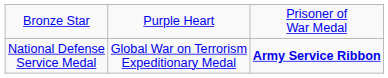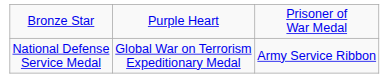 <table class="wikitable" style="margin:1em auto; text-align:center;">
 <tr>
 <td><a href='#'>Bronze Star</a></td>
 <td><a href='#'>Purple Heart</a></td>
 <td><a href='#'>Prisoner of<br>War Medal</a></td>
 </tr>
 <tr>
 <td><a href='#'>National Defense<br>Service Medal</a></td>
 <td><a href='#'>Global War on Terrorism<br>Expeditionary Medal</a></td>
-<td><strong><a href='#'>Army Service Ribbon</a></strong></td>
+<td><a href='#'>Army Service Ribbon</a></td>
 </tr>
 </table>
